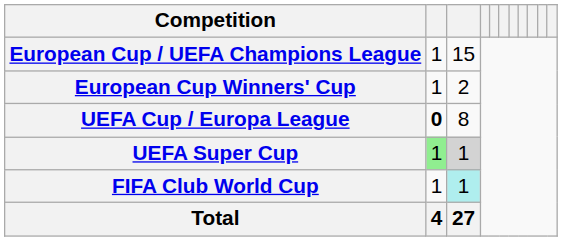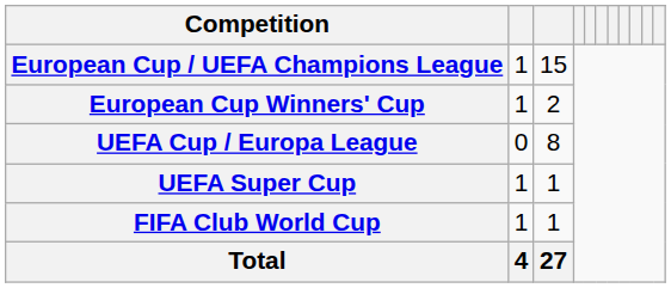 <table class="wikitable unsortable plainrowheaders" style="text-align:center">
 <tr>
 <th scope="col">Competition</th>
 <th scope="col"></th>
 <th scope="col"></th>
 <th scope="col"></th>
 <th scope="col"></th>
 <th scope="col"></th>
 <th scope="col"></th>
 <th scope="col"></th>
 <th scope="col"></th>
 <th scope="col"></th>
 <th scope="col"></th>
 </tr>
 <tr>
 <th scope="row" align=left><a href='#'>European Cup / UEFA Champions League</a></th>
 <td>1</td>
 <td>15<br></td>
 </tr>
 <tr>
 <th scope="row" align=left><a href='#'>European Cup Winners' Cup</a></th>
 <td>1</td>
 <td>2<br></td>
 </tr>
 <tr>
 <th scope="row" align=left><a href='#'>UEFA Cup / Europa League</a></th>
-<td><strong>0</strong></td>
+<td>0</td>
 <td>8<br></td>
 </tr>
 <tr>
 <th scope="row" align=left><a href='#'>UEFA Super Cup</a></th>
-<td style="background: lightgreen;">1</td>
-<td style="background: lightgrey;">1<br></td>
+<td>1</td>
+<td>1<br></td>
 </tr>
 <tr>
 <th scope="row" align=left><a href='#'>FIFA Club World Cup</a></th>
 <td>1</td>
-<td style="background: paleturquoise;">1<br></td>
+<td>1<br></td>
 </tr>
 <tr>
 <th>Total</th>
 <th>4</th>
 <th>27<br></th>
 </tr>
 </table>
